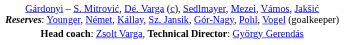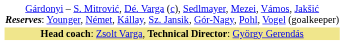 <table style="text-align: center; margin-top: 2em; margin-left: auto; margin-right: auto">
 <tr>
 <td><a href='#'>Gárdonyi</a> – <a href='#'>S. Mitrović</a>, <a href='#'>Dé. Varga</a> (<a href='#'>c</a>), <a href='#'>Sedlmayer</a>, <a href='#'>Mezei</a>, <a href='#'>Vámos</a>, <a href='#'>Jakšić</a><br><strong><em>Reserves</em></strong>: <a href='#'>Younger</a>, <a href='#'>Német</a>, <a href='#'>Kállay</a>, <a href='#'>Sz. Jansik</a>, <a href='#'>Gór-Nagy</a>, <a href='#'>Pohl</a>, <a href='#'>Vogel</a> (goalkeeper)</td>
 </tr>
 <tr>
-<td><strong>Head coach</strong>: <a href='#'>Zsolt Varga</a>, <strong>Technical Director</strong>: <a href='#'>György Gerendás</a></td>
+<td style="background: khaki;"><strong>Head coach</strong>: <a href='#'>Zsolt Varga</a>, <strong>Technical Director</strong>: <a href='#'>György Gerendás</a></td>
 </tr>
 </table>
